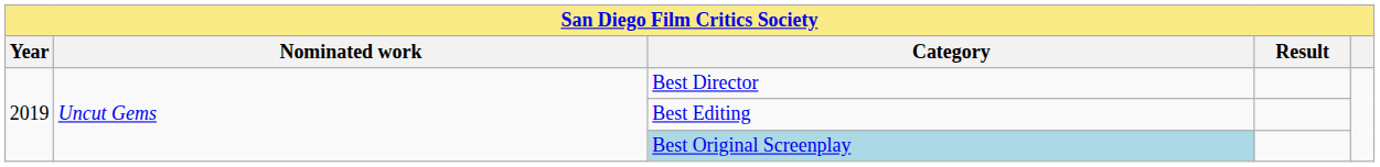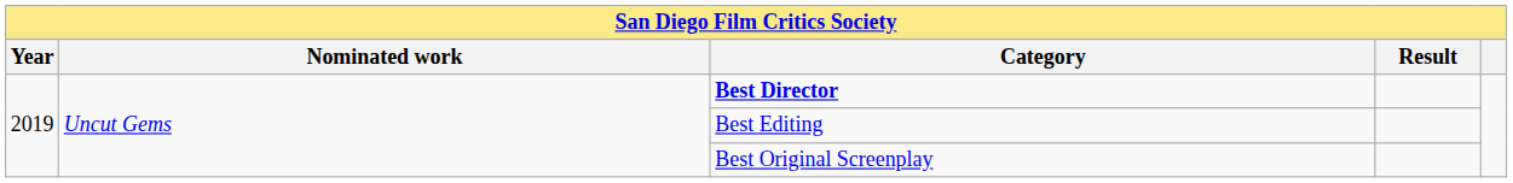 <table width="70%" class="wikitable sortable">
 <tr>
 <th colspan="5" style="background:#FAEB86;" align="center"><a href='#'>San Diego Film Critics Society</a></th>
 </tr>
 <tr>
 <th scope="col" style="width:1em;">Year</th>
 <th scope="col" style="width:39em;">Nominated work</th>
 <th scope="col" style="width:40em;">Category</th>
 <th scope="col" style="width:5em;">Result</th>
 <th scope="col" style="width:1em;" class="unsortable"></th>
 </tr>
 <tr>
 <td rowspan="3">2019</td>
 <td rowspan="3"><em><a href='#'>Uncut Gems</a></em></td>
-<td><a href='#'>Best Director</a></td>
+<td><strong><a href='#'>Best Director</a></strong></td>
 <td></td>
 <td rowspan="3"></td>
 </tr>
 <tr>
 <td><a href='#'>Best Editing</a></td>
 <td></td>
 </tr>
 <tr>
-<td style="background: lightblue;"><a href='#'>Best Original Screenplay</a></td>
+<td><a href='#'>Best Original Screenplay</a></td>
 <td></td>
 </tr>
 </table>
